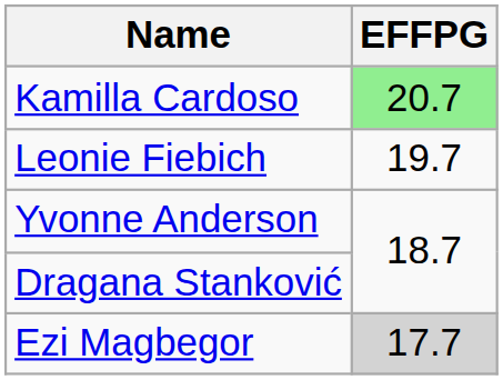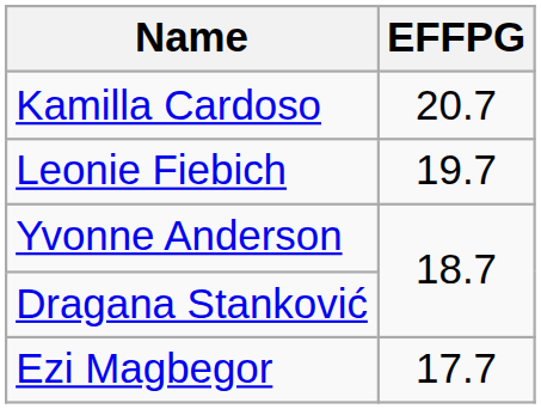 <table class=wikitable>
 <tr>
 <th>Name</th>
 <th>EFFPG</th>
 </tr>
 <tr>
 <td> <a href='#'>Kamilla Cardoso</a></td>
-<td align=center style="background: lightgreen;">20.7</td>
+<td align=center>20.7</td>
 </tr>
 <tr>
 <td> <a href='#'>Leonie Fiebich</a></td>
 <td align=center>19.7</td>
 </tr>
 <tr>
 <td> <a href='#'>Yvonne Anderson</a></td>
 <td align=center rowspan=2>18.7</td>
 </tr>
 <tr>
 <td> <a href='#'>Dragana Stanković</a></td>
 </tr>
 <tr>
 <td> <a href='#'>Ezi Magbegor</a></td>
-<td align=center style="background: lightgrey;">17.7</td>
+<td align=center>17.7</td>
 </tr>
 </table>
